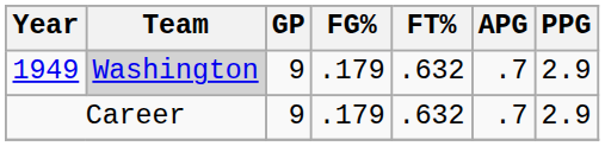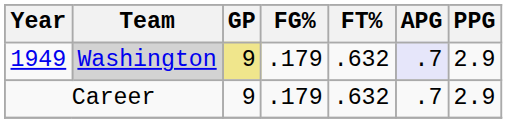 <table class="wikitable sortable" style="font-size:95%; text-align:right;">
 <tr>
 <th>Year</th>
 <th>Team</th>
 <th>GP</th>
 <th>FG%</th>
 <th>FT%</th>
 <th>APG</th>
 <th>PPG</th>
 </tr>
 <tr>
 <td style="text-align:left;"><a href='#'>1949</a></td>
 <td style="background: lightgrey; text-align:left;"><a href='#'>Washington</a></td>
-<td>9</td>
+<td style="background: khaki;">9</td>
 <td>.179</td>
 <td>.632</td>
-<td>.7</td>
+<td style="background: lavender;">.7</td>
 <td>2.9</td>
 </tr>
 <tr>
 <td style="text-align:center;" colspan="2">Career</td>
 <td>9</td>
 <td>.179</td>
 <td>.632</td>
 <td>.7</td>
 <td>2.9</td>
 </tr>
 <tr>
 </tr>
 </table>
